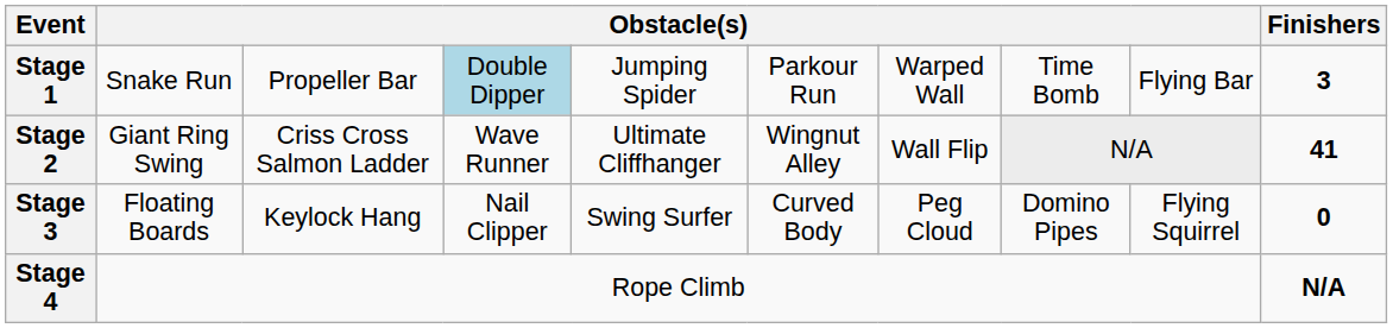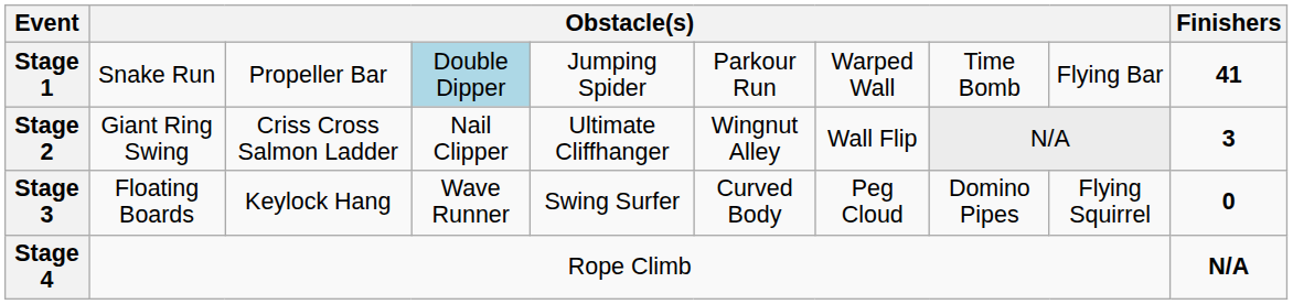 <table class="wikitable" style="text-align:center;">
 <tr>
 <th colspan="1">Event</th>
 <th colspan="8">Obstacle(s)</th>
 <th>Finishers</th>
 </tr>
 <tr>
 <th>Stage 1</th>
 <td>Snake Run</td>
 <td>Propeller Bar</td>
 <td bgcolor="lightblue">Double Dipper</td>
 <td>Jumping Spider</td>
 <td>Parkour Run</td>
 <td>Warped Wall</td>
 <td>Time Bomb</td>
 <td>Flying Bar</td>
-<td><strong>3</strong></td>
+<td><strong>41</strong></td>
 </tr>
 <tr>
 <th>Stage 2</th>
 <td>Giant Ring Swing</td>
 <td>Criss Cross Salmon Ladder</td>
-<td>Wave Runner</td>
+<td>Nail Clipper</td>
 <td>Ultimate Cliffhanger</td>
 <td>Wingnut Alley</td>
 <td>Wall Flip</td>
 <td colspan="2" style="background:#ECECEC;">N/A</td>
-<td><strong>41</strong></td>
+<td><strong>3</strong></td>
 </tr>
 <tr>
 <th>Stage 3</th>
 <td>Floating Boards</td>
 <td>Keylock Hang</td>
-<td>Nail Clipper</td>
+<td>Wave Runner</td>
 <td>Swing Surfer</td>
 <td>Curved Body</td>
 <td>Peg Cloud</td>
 <td>Domino Pipes</td>
 <td>Flying Squirrel</td>
 <td><strong>0</strong></td>
 </tr>
 <tr>
 <th>Stage 4</th>
 <td colspan="8">Rope Climb</td>
 <td><strong>N/A</strong></td>
 </tr>
 </table>
